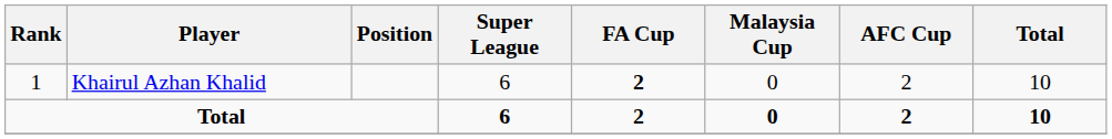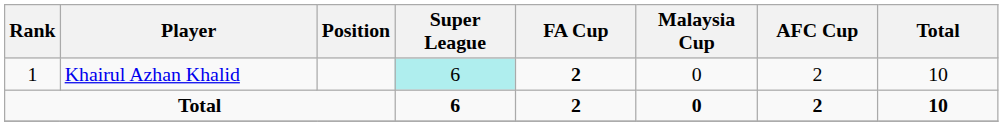 <table class="wikitable">
 <tr>
 <th>Rank</th>
 <th style="width:200px;">Player</th>
 <th>Position</th>
 <th style="width:90px;">Super League</th>
 <th style="width:90px;">FA Cup</th>
 <th style="width:90px;">Malaysia Cup</th>
 <th style="width:90px;">AFC Cup</th>
 <th style="width:90px;">Total</th>
 </tr>
 <tr>
 <td align=center>1</td>
 <td> <a href='#'>Khairul Azhan Khalid</a></td>
 <td align=center></td>
-<td align=center>6</td>
+<td align=center style="background: paleturquoise;">6</td>
 <td align=center><strong>2</strong></td>
 <td align=center>0</td>
 <td align=center>2</td>
 <td align=center>10</td>
 </tr>
 <tr>
 <td align=center colspan=3><strong>Total</strong></td>
 <td align=center><strong>6</strong></td>
 <td align=center><strong>2</strong></td>
 <td align=center><strong>0</strong></td>
 <td align=center><strong>2</strong></td>
 <td align=center><strong>10</strong></td>
 </tr>
 <tr>
 </tr>
 </table>
